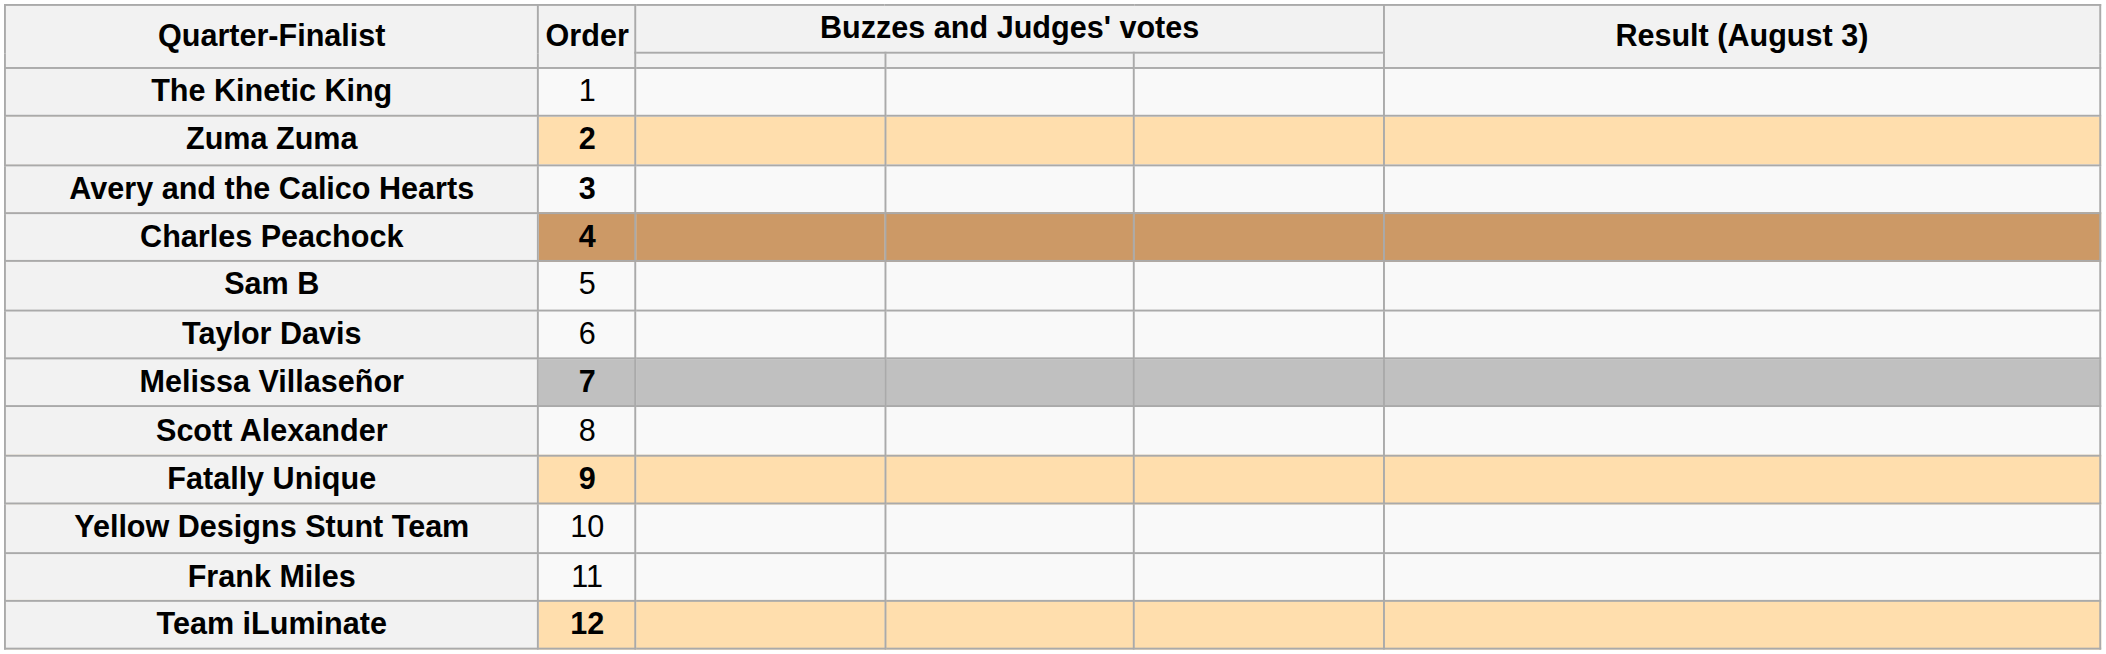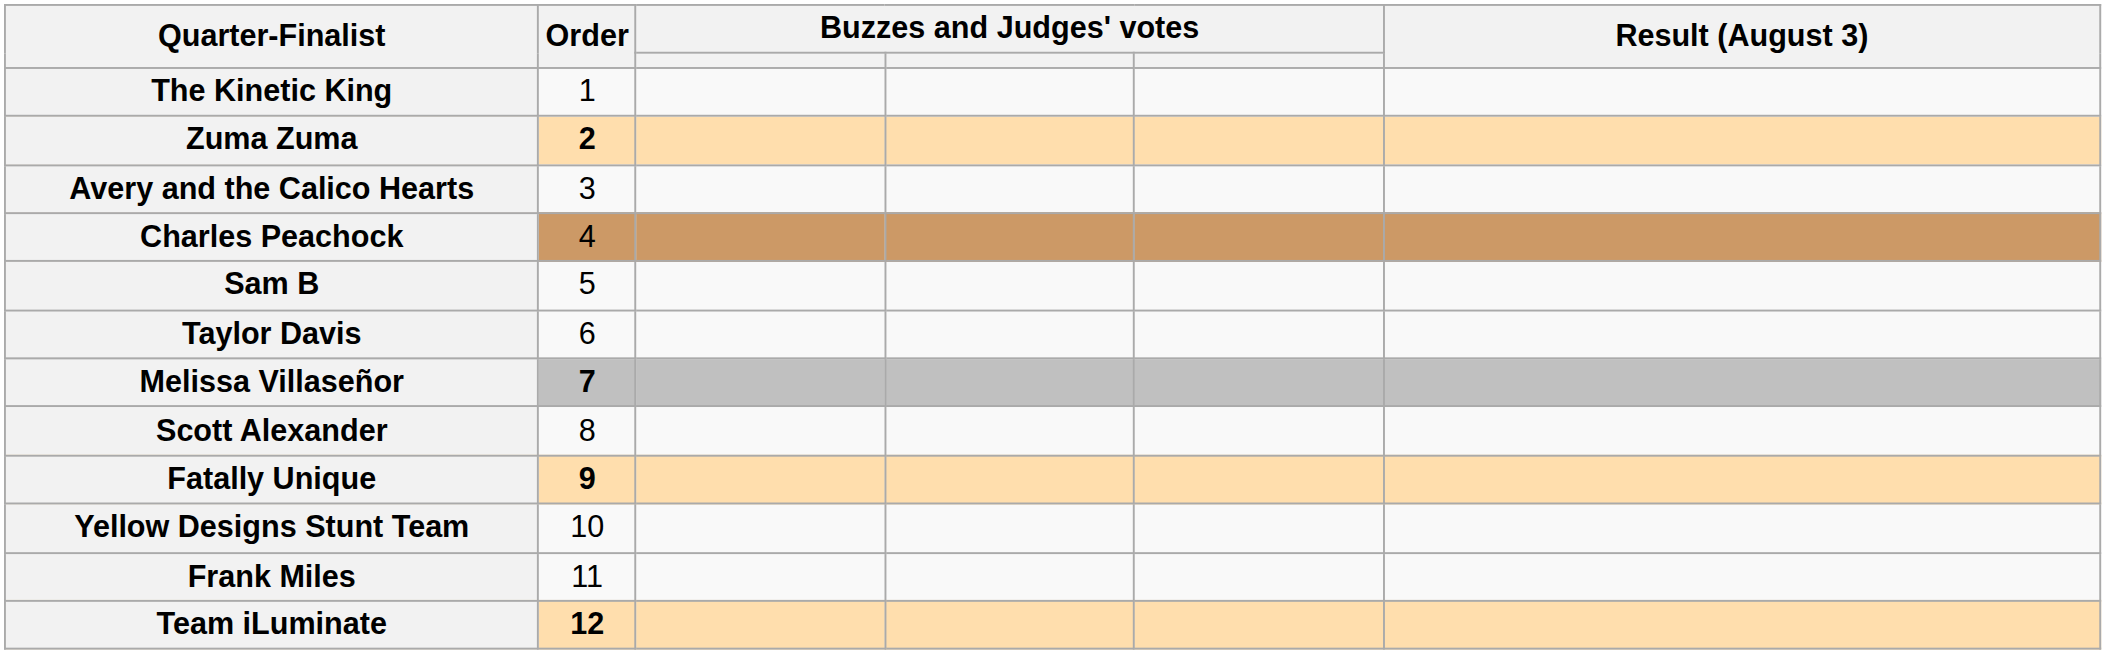 <table class="wikitable plainrowheaders sortable" style="text-align:center;">
 <tr>
 <th scope="col" rowspan="2" class="unsortable" style="width:17em;">Quarter-Finalist</th>
 <th scope="col" rowspan="2" style="width:1em;">Order</th>
 <th scope="col" colspan="3" class="unsortable" style="width:24em;">Buzzes and Judges' votes</th>
 <th scope="col" rowspan="2" style="width:23em;">Result (August 3)</th>
 </tr>
 <tr>
 <th scope="col" class="unsortable" style="width:6em;"></th>
 <th scope="col" class="unsortable" style="width:6em;"></th>
 <th scope="col" class="unsortable" style="width:6em;"></th>
 </tr>
 <tr>
 <th scope="row">The Kinetic King</th>
 <td>1</td>
 <td style="text-align:center;"></td>
 <td style="text-align:center;"></td>
 <td style="text-align:center;"></td>
 <td></td>
 </tr>
 <tr style="background:NavajoWhite;">
 <th scope="row"><strong>Zuma Zuma</strong></th>
 <td><strong>2</strong></td>
 <td style="text-align:center;"></td>
 <td style="text-align:center;"></td>
 <td style="text-align:center;"></td>
 <td><strong></strong></td>
 </tr>
 <tr>
 <th scope="row">Avery and the Calico Hearts</th>
-<td><strong>3</strong></td>
+<td>3</td>
 <td style="text-align:center;"></td>
 <td style="text-align:center;"></td>
 <td style="text-align:center;"></td>
 <td></td>
 </tr>
 <tr style="background:#c96;">
 <th scope="row">Charles Peachock</th>
-<td><strong>4</strong></td>
+<td>4</td>
 <td style="text-align:center;"></td>
 <td style="text-align:center;"></td>
 <td style="text-align:center;"></td>
 <td></td>
 </tr>
 <tr>
 <th scope="row">Sam B</th>
 <td>5</td>
 <td style="text-align:center;"></td>
 <td style="text-align:center;"></td>
 <td style="text-align:center;"></td>
 <td></td>
 </tr>
 <tr>
 <th scope="row">Taylor Davis</th>
 <td>6</td>
 <td style="text-align:center;"></td>
 <td style="text-align:center;"></td>
 <td style="text-align:center;"></td>
 <td></td>
 </tr>
 <tr style="background:Silver;">
 <th scope="row"><strong>Melissa Villaseñor</strong></th>
 <td><strong>7</strong></td>
 <td style="text-align:center;"></td>
 <td style="text-align:center;"></td>
 <td style="text-align:center;"></td>
 <td><strong></strong></td>
 </tr>
 <tr>
 <th scope="row">Scott Alexander</th>
 <td>8</td>
 <td style="text-align:center;"></td>
 <td style="text-align:center;"></td>
 <td style="text-align:center;"></td>
 <td></td>
 </tr>
 <tr style="background:NavajoWhite;">
 <th scope="row"><strong>Fatally Unique</strong></th>
 <td><strong>9</strong></td>
 <td style="text-align:center;"></td>
 <td style="text-align:center;"></td>
 <td style="text-align:center;"></td>
 <td><strong></strong></td>
 </tr>
 <tr>
 <th scope="row">Yellow Designs Stunt Team</th>
 <td>10</td>
 <td style="text-align:center;"></td>
 <td style="text-align:center;"></td>
 <td style="text-align:center;"></td>
 <td></td>
 </tr>
 <tr>
 <th scope="row">Frank Miles</th>
 <td>11</td>
 <td style="text-align:center;"></td>
 <td style="text-align:center;"></td>
 <td style="text-align:center;"></td>
 <td></td>
 </tr>
 <tr style="background:NavajoWhite;">
 <th scope="row"><strong>Team iLuminate</strong></th>
 <td><strong>12</strong></td>
 <td style="text-align:center;"></td>
 <td style="text-align:center;"></td>
 <td style="text-align:center;"></td>
 <td><strong></strong></td>
 </tr>
 </table>
